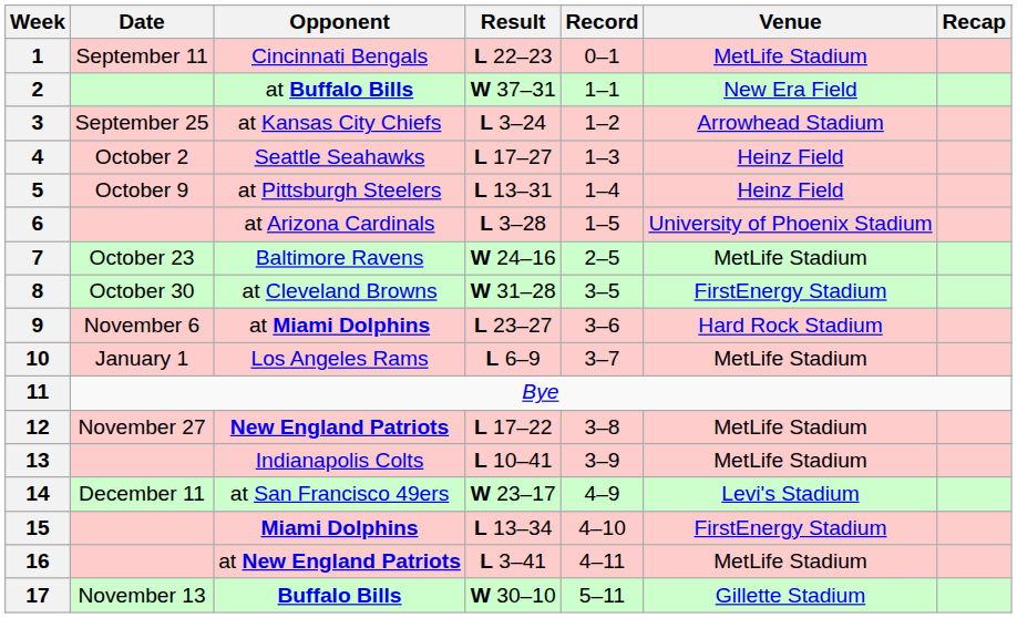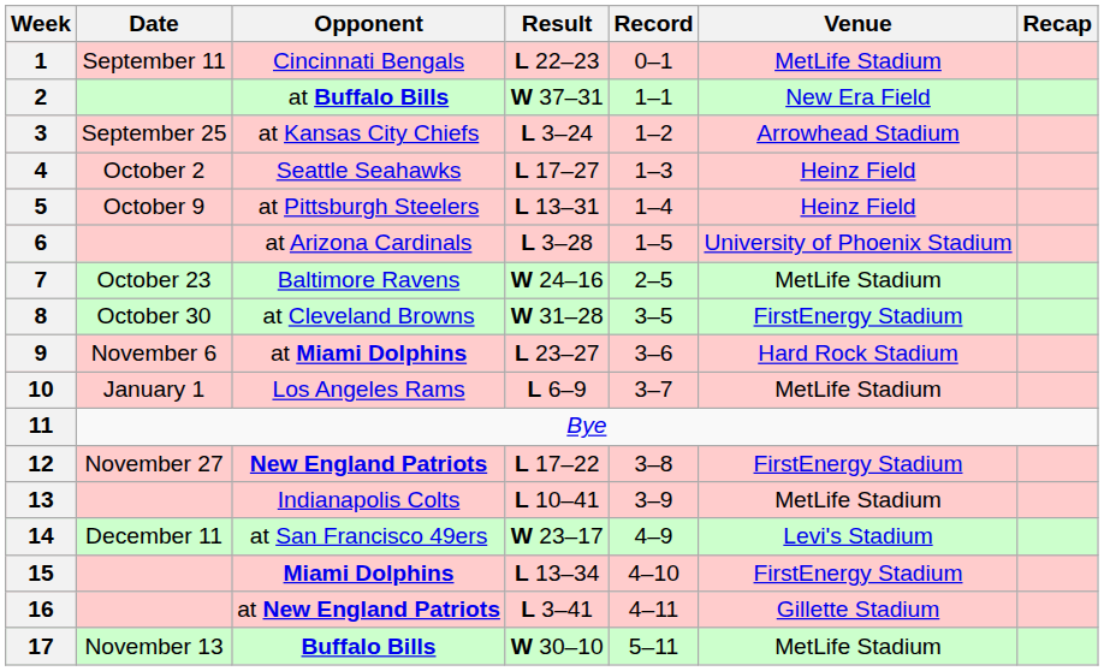 <table class="wikitable" style="text-align:center">
 <tr>
 <th>Week</th>
 <th>Date</th>
 <th>Opponent</th>
 <th>Result</th>
 <th>Record</th>
 <th>Venue</th>
 <th>Recap</th>
 </tr>
 <tr style="background:#fcc">
 <th>1</th>
 <td>September 11</td>
 <td><a href='#'>Cincinnati Bengals</a></td>
 <td><strong>L</strong> 22–23</td>
 <td>0–1</td>
 <td><a href='#'>MetLife Stadium</a></td>
 <td></td>
 </tr>
 <tr style="background:#cfc">
 <th>2</th>
 <td></td>
 <td>at <strong><a href='#'>Buffalo Bills</a></strong></td>
 <td><strong>W</strong> 37–31</td>
 <td>1–1</td>
 <td><a href='#'>New Era Field</a></td>
 <td></td>
 </tr>
 <tr style="background:#fcc">
 <th>3</th>
 <td>September 25</td>
 <td>at <a href='#'>Kansas City Chiefs</a></td>
 <td><strong>L</strong> 3–24</td>
 <td>1–2</td>
 <td><a href='#'>Arrowhead Stadium</a></td>
 <td></td>
 </tr>
 <tr style="background:#fcc">
 <th>4</th>
 <td>October 2</td>
 <td><a href='#'>Seattle Seahawks</a></td>
 <td><strong>L</strong> 17–27</td>
 <td>1–3</td>
 <td><a href='#'>Heinz Field</a></td>
 <td></td>
 </tr>
 <tr style="background:#fcc">
 <th>5</th>
 <td>October 9</td>
 <td>at <a href='#'>Pittsburgh Steelers</a></td>
 <td><strong>L</strong> 13–31</td>
 <td>1–4</td>
 <td><a href='#'>Heinz Field</a></td>
 <td></td>
 </tr>
 <tr style="background:#fcc">
 <th>6</th>
 <td></td>
 <td>at <a href='#'>Arizona Cardinals</a></td>
 <td><strong>L</strong> 3–28</td>
 <td>1–5</td>
 <td><a href='#'>University of Phoenix Stadium</a></td>
 <td></td>
 </tr>
 <tr style="background:#cfc">
 <th>7</th>
 <td>October 23</td>
 <td><a href='#'>Baltimore Ravens</a></td>
 <td><strong>W</strong> 24–16</td>
 <td>2–5</td>
 <td>MetLife Stadium</td>
 <td></td>
 </tr>
 <tr style="background:#cfc">
 <th>8</th>
 <td>October 30</td>
 <td>at <a href='#'>Cleveland Browns</a></td>
 <td><strong>W</strong> 31–28</td>
 <td>3–5</td>
 <td><a href='#'>FirstEnergy Stadium</a></td>
 <td></td>
 </tr>
 <tr style="background:#fcc">
 <th>9</th>
 <td>November 6</td>
 <td>at <strong><a href='#'>Miami Dolphins</a></strong></td>
 <td><strong>L</strong> 23–27</td>
 <td>3–6</td>
 <td><a href='#'>Hard Rock Stadium</a></td>
 <td></td>
 </tr>
 <tr style="background:#fcc">
 <th>10</th>
 <td>January 1</td>
 <td><a href='#'>Los Angeles Rams</a></td>
 <td><strong>L</strong> 6–9</td>
 <td>3–7</td>
 <td>MetLife Stadium</td>
 <td></td>
 </tr>
 <tr>
 <th>11</th>
 <td colspan=6><em><a href='#'>Bye</a></em></td>
 </tr>
 <tr style="background:#fcc">
 <th>12</th>
 <td>November 27</td>
 <td><strong><a href='#'>New England Patriots</a></strong></td>
 <td><strong>L</strong> 17–22</td>
 <td>3–8</td>
-<td>MetLife Stadium</td>
+<td><a href='#'>FirstEnergy Stadium</a></td>
 <td></td>
 </tr>
 <tr style="background:#fcc">
 <th>13</th>
 <td></td>
 <td><a href='#'>Indianapolis Colts</a></td>
 <td><strong>L</strong> 10–41</td>
 <td>3–9</td>
 <td>MetLife Stadium</td>
 <td></td>
 </tr>
 <tr style="background:#cfc">
 <th>14</th>
 <td>December 11</td>
 <td>at <a href='#'>San Francisco 49ers</a></td>
 <td><strong>W</strong> 23–17 </td>
 <td>4–9</td>
 <td><a href='#'>Levi's Stadium</a></td>
 <td></td>
 </tr>
 <tr style="background:#fcc">
 <th>15</th>
 <td></td>
 <td><strong><a href='#'>Miami Dolphins</a></strong></td>
 <td><strong>L</strong> 13–34</td>
 <td>4–10</td>
 <td><a href='#'>FirstEnergy Stadium</a></td>
 <td></td>
 </tr>
 <tr style="background:#fcc">
 <th>16</th>
 <td></td>
 <td>at <strong><a href='#'>New England Patriots</a></strong></td>
 <td><strong>L</strong> 3–41</td>
 <td>4–11</td>
-<td>MetLife Stadium</td>
+<td><a href='#'>Gillette Stadium</a></td>
 <td></td>
 </tr>
 <tr style="background:#cfc">
 <th>17</th>
 <td>November 13</td>
 <td><strong><a href='#'>Buffalo Bills</a></strong></td>
 <td><strong>W</strong> 30–10</td>
 <td>5–11</td>
-<td><a href='#'>Gillette Stadium</a></td>
+<td>MetLife Stadium</td>
 <td></td>
 </tr>
 </table>
